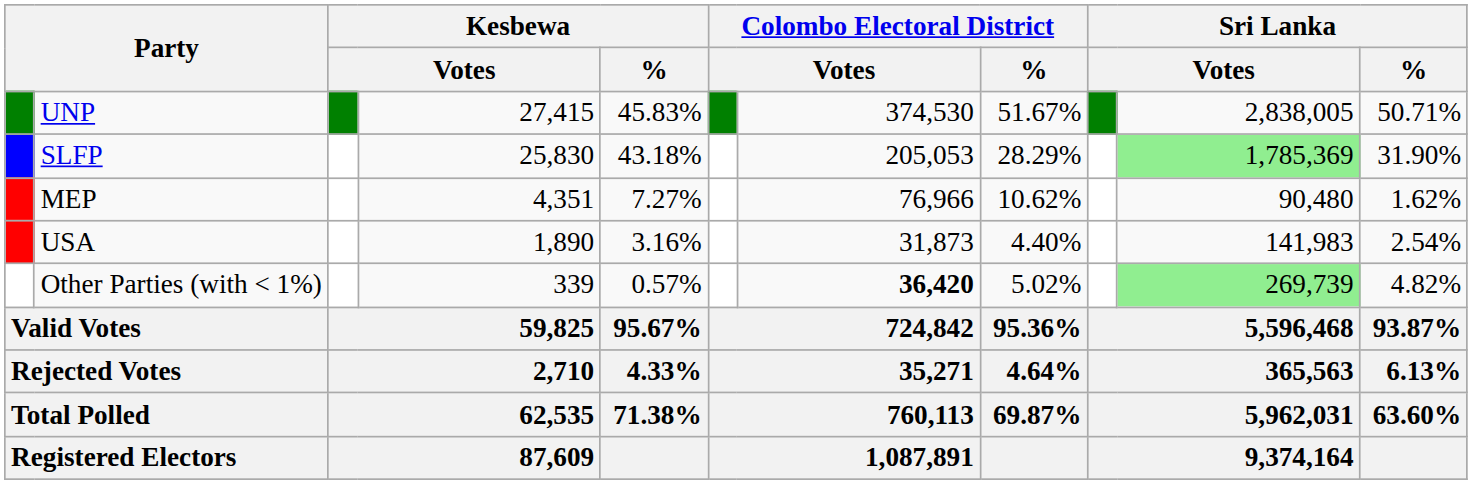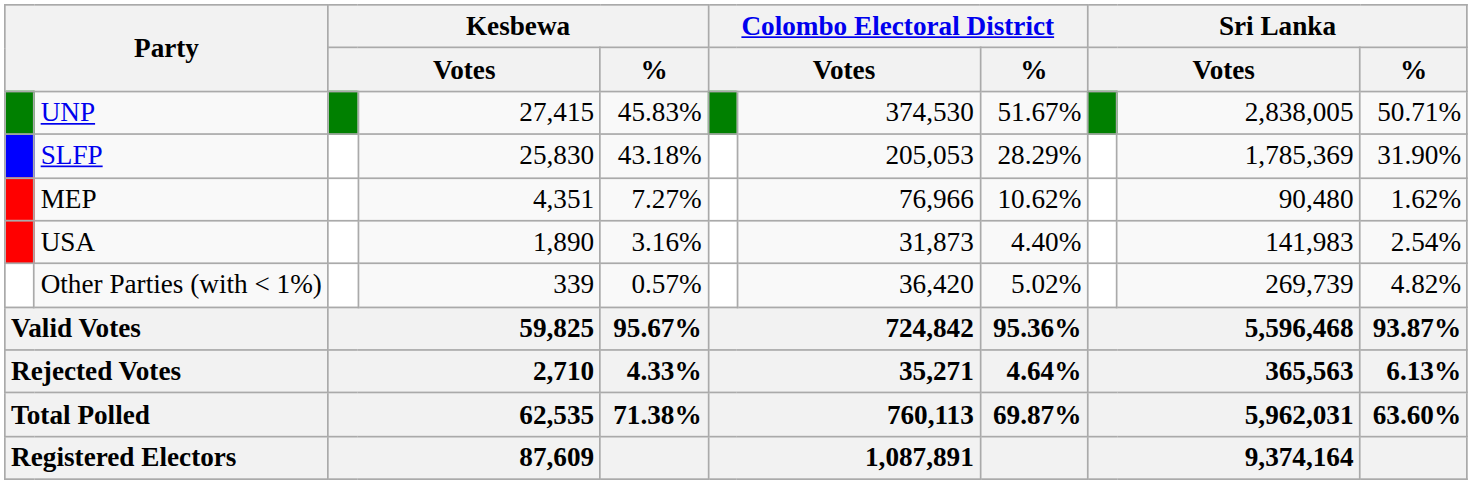 <table class="wikitable">
 <tr>
 <th colspan="2" width="144px"rowspan="2">Party</th>
 <th colspan="3" width="216px">Kesbewa</th>
 <th colspan="3" width="216px"><a href='#'>Colombo Electoral District</a></th>
 <th colspan="3" width="216px">Sri Lanka</th>
 </tr>
 <tr>
 <th colspan="2" width="144px">Votes</th>
 <th>%</th>
 <th colspan="2" width="144px">Votes</th>
 <th>%</th>
 <th colspan="2" width="144px">Votes</th>
 <th>%</th>
 </tr>
 <tr>
 <td style="background-color:green;" width="10px"></td>
 <td style="text-align:left;"><a href='#'>UNP</a></td>
 <td style="background-color:green;" width="10px"></td>
 <td style="text-align:right;">27,415</td>
 <td style="text-align:right;">45.83%</td>
 <td style="background-color:green;" width="10px"></td>
 <td style="text-align:right;">374,530</td>
 <td style="text-align:right;">51.67%</td>
 <td style="background-color:green;" width="10px"></td>
 <td style="text-align:right;">2,838,005</td>
 <td style="text-align:right;">50.71%</td>
 </tr>
 <tr>
 <td style="background-color:blue;" width="10px"></td>
 <td style="text-align:left;"><a href='#'>SLFP</a></td>
 <td style="background-color:white;" width="10px"></td>
 <td style="text-align:right;">25,830</td>
 <td style="text-align:right;">43.18%</td>
 <td style="background-color:white;" width="10px"></td>
 <td style="text-align:right;">205,053</td>
 <td style="text-align:right;">28.29%</td>
 <td style="background-color:white;" width="10px"></td>
-<td style="background: lightgreen; text-align:right;">1,785,369</td>
+<td style="text-align:right;">1,785,369</td>
 <td style="text-align:right;">31.90%</td>
 </tr>
 <tr>
 <td style="background-color:red;" width="10px"></td>
 <td style="text-align:left;">MEP</td>
 <td style="background-color:white;" width="10px"></td>
 <td style="text-align:right;">4,351</td>
 <td style="text-align:right;">7.27%</td>
 <td style="background-color:white;" width="10px"></td>
 <td style="text-align:right;">76,966</td>
 <td style="text-align:right;">10.62%</td>
 <td style="background-color:white;" width="10px"></td>
 <td style="text-align:right;">90,480</td>
 <td style="text-align:right;">1.62%</td>
 </tr>
 <tr>
 <td style="background-color:red;" width="10px"></td>
 <td style="text-align:left;">USA</td>
 <td style="background-color:white;" width="10px"></td>
 <td style="text-align:right;">1,890</td>
 <td style="text-align:right;">3.16%</td>
 <td style="background-color:white;" width="10px"></td>
 <td style="text-align:right;">31,873</td>
 <td style="text-align:right;">4.40%</td>
 <td style="background-color:white;" width="10px"></td>
 <td style="text-align:right;">141,983</td>
 <td style="text-align:right;">2.54%</td>
 </tr>
 <tr>
 <td style="background-color:white;" width="10px"></td>
 <td style="text-align:left;">Other Parties (with < 1%)</td>
 <td style="background-color:white;" width="10px"></td>
 <td style="text-align:right;">339</td>
 <td style="text-align:right;">0.57%</td>
 <td style="background-color:white;" width="10px"></td>
-<td style="text-align:right;"><strong>36,420</strong></td>
+<td style="text-align:right;">36,420</td>
 <td style="text-align:right;">5.02%</td>
 <td style="background-color:white;" width="10px"></td>
-<td style="background: lightgreen; text-align:right;">269,739</td>
+<td style="text-align:right;">269,739</td>
 <td style="text-align:right;">4.82%</td>
 </tr>
 <tr>
 <th colspan="2" width="144px"style="text-align:left;">Valid Votes</th>
 <th style="text-align:right;"colspan="2" width="144px">59,825</th>
 <th style="text-align:right;">95.67%</th>
 <th style="text-align:right;"colspan="2" width="144px">724,842</th>
 <th style="text-align:right;">95.36%</th>
 <th style="text-align:right;"colspan="2" width="144px">5,596,468</th>
 <th style="text-align:right;">93.87%</th>
 </tr>
 <tr>
 <th colspan="2" width="144px"style="text-align:left;">Rejected Votes</th>
 <th style="text-align:right;"colspan="2" width="144px">2,710</th>
 <th style="text-align:right;">4.33%</th>
 <th style="text-align:right;"colspan="2" width="144px">35,271</th>
 <th style="text-align:right;">4.64%</th>
 <th style="text-align:right;"colspan="2" width="144px">365,563</th>
 <th style="text-align:right;">6.13%</th>
 </tr>
 <tr>
 <th colspan="2" width="144px"style="text-align:left;">Total Polled</th>
 <th style="text-align:right;"colspan="2" width="144px">62,535</th>
 <th style="text-align:right;">71.38%</th>
 <th style="text-align:right;"colspan="2" width="144px">760,113</th>
 <th style="text-align:right;">69.87%</th>
 <th style="text-align:right;"colspan="2" width="144px">5,962,031</th>
 <th style="text-align:right;">63.60%</th>
 </tr>
 <tr>
 <th colspan="2" width="144px"style="text-align:left;">Registered Electors</th>
 <th style="text-align:right;"colspan="2" width="144px">87,609</th>
 <th></th>
 <th style="text-align:right;"colspan="2" width="144px">1,087,891</th>
 <th></th>
 <th style="text-align:right;"colspan="2" width="144px">9,374,164</th>
 <th></th>
 </tr>
 </table>
